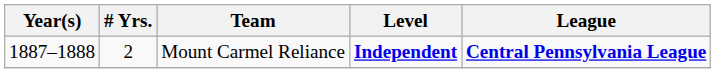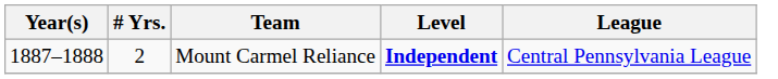 <table class="wikitable" style="text-align:center; font-size: 95%;">
 <tr>
 <th>Year(s)</th>
 <th># Yrs.</th>
 <th>Team</th>
 <th>Level</th>
 <th>League</th>
 </tr>
 <tr>
 <td>1887–1888</td>
 <td>2</td>
 <td>Mount Carmel Reliance</td>
 <td><strong><a href='#'>Independent</a></strong></td>
-<td><strong><a href='#'>Central Pennsylvania League</a></strong></td>
+<td><a href='#'>Central Pennsylvania League</a></td>
 </tr>
 <tr>
 </tr>
 </table>
